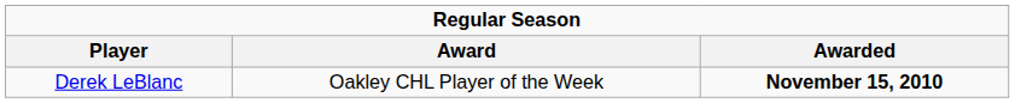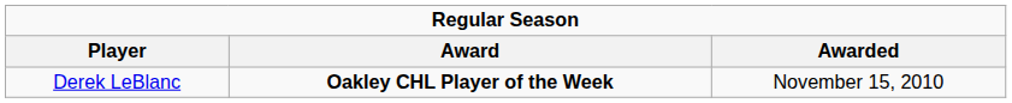 <table class="wikitable" width="52%" style="text-align:center">
 <tr>
 <td colspan="10" align="center"><strong>Regular Season</strong></td>
 </tr>
 <tr>
 <th>Player</th>
 <th>Award</th>
 <th>Awarded</th>
 </tr>
 <tr>
 <td><a href='#'>Derek LeBlanc</a></td>
-<td>Oakley CHL Player of the Week</td>
-<td><strong>November 15, 2010</strong></td>
+<td><strong>Oakley CHL Player of the Week</strong></td>
+<td>November 15, 2010</td>
 </tr>
 </table>
